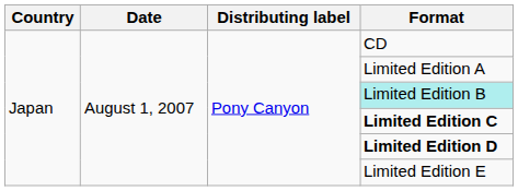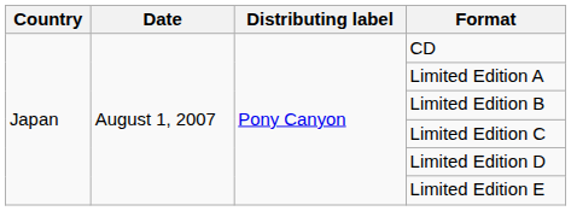 <table class="wikitable" style="width:500px">
 <tr>
 <th>Country</th>
 <th>Date</th>
 <th>Distributing label</th>
 <th>Format</th>
 </tr>
 <tr>
 <td rowspan=6>Japan</td>
 <td rowspan=6>August 1, 2007</td>
 <td rowspan=6><a href='#'>Pony Canyon</a></td>
 <td>CD</td>
 </tr>
 <tr>
 <td>Limited Edition A </td>
 </tr>
 <tr>
-<td style="background: paleturquoise;">Limited Edition B</td>
+<td>Limited Edition B</td>
 </tr>
 <tr>
-<td><strong>Limited Edition C</strong></td>
+<td>Limited Edition C</td>
 </tr>
 <tr>
-<td><strong>Limited Edition D</strong></td>
+<td>Limited Edition D</td>
 </tr>
 <tr>
 <td>Limited Edition E</td>
 </tr>
 </table>
